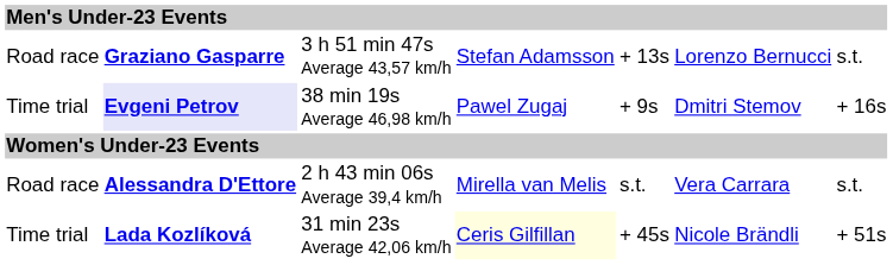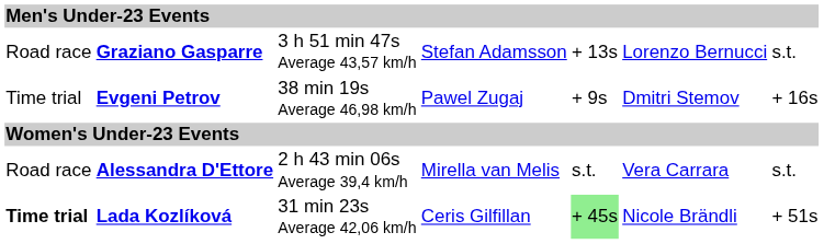 <table>
 <tr bgcolor="#cccccc">
 <td colspan=7><strong>Men's Under-23 Events</strong></td>
 </tr>
 <tr>
 <td>Road race<br></td>
 <td><strong><a href='#'>Graziano Gasparre</a></strong><br><small></small></td>
 <td>3 h 51 min 47s<br><small>Average 43,57 km/h</small></td>
 <td><a href='#'>Stefan Adamsson</a><br><small></small></td>
 <td>+ 13s</td>
 <td><a href='#'>Lorenzo Bernucci</a><br><small></small></td>
 <td>s.t.</td>
 </tr>
 <tr>
 <td>Time trial<br></td>
-<td style="background: lavender;"><strong><a href='#'>Evgeni Petrov</a></strong><br><small></small></td>
+<td><strong><a href='#'>Evgeni Petrov</a></strong><br><small></small></td>
 <td>38 min 19s<br><small>Average 46,98 km/h</small></td>
 <td><a href='#'>Pawel Zugaj</a><br><small></small></td>
 <td>+ 9s</td>
 <td><a href='#'>Dmitri Stemov</a><br><small></small></td>
 <td>+ 16s</td>
 </tr>
 <tr bgcolor="#cccccc">
 <td colspan=7><strong>Women's Under-23 Events</strong></td>
 </tr>
 <tr>
 <td>Road race<br></td>
 <td><strong><a href='#'>Alessandra D'Ettore</a></strong><br><small></small></td>
 <td>2 h 43 min 06s<br><small>Average 39,4 km/h</small></td>
 <td><a href='#'>Mirella van Melis</a><br><small></small></td>
 <td>s.t.</td>
 <td><a href='#'>Vera Carrara</a><br><small></small></td>
 <td>s.t.</td>
 </tr>
 <tr>
-<td>Time trial<br></td>
+<td><strong>Time trial<br></strong></td>
 <td><strong><a href='#'>Lada Kozlíková</a></strong><br><small></small></td>
 <td>31 min 23s<br><small>Average 42,06 km/h</small></td>
-<td style="background: lightyellow;"><a href='#'>Ceris Gilfillan</a><br><small></small></td>
-<td>+ 45s</td>
+<td><a href='#'>Ceris Gilfillan</a><br><small></small></td>
+<td style="background: lightgreen;">+ 45s</td>
 <td><a href='#'>Nicole Brändli</a><br><small></small></td>
 <td>+ 51s</td>
 </tr>
 </table>
